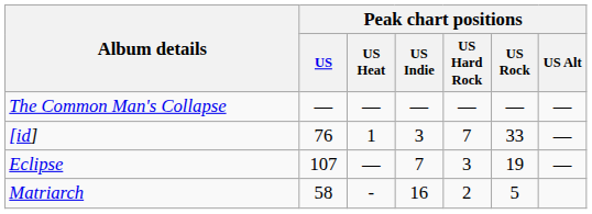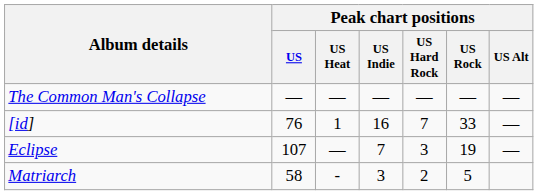 <table class="wikitable" style="text-align:center;">
 <tr>
 <th rowspan =  2 width = 250>Album details</th>
 <th colspan =  6>Peak chart positions</th>
 </tr>
 <tr>
 <th style = "width:3em;font-size:75%"><a href='#'>US</a></th>
 <th style = "width:3em;font-size:75%">US Heat</th>
 <th style = "width:3em;font-size:75%">US Indie</th>
 <th style = "width:3em;font-size:75%">US Hard Rock</th>
 <th style = "width:3em;font-size:75%">US Rock</th>
 <th style = "width:3em;font-size:75%">US Alt</th>
 </tr>
 <tr>
 <td align=left><em><a href='#'>The Common Man's Collapse</a></em><br></td>
 <td>—</td>
 <td>—</td>
 <td>—</td>
 <td>—</td>
 <td>—</td>
 <td>—</td>
 </tr>
 <tr>
 <td align=left><em><a href='#'>[id</a>]</em><br></td>
 <td>76</td>
 <td>1</td>
-<td>3</td>
+<td>16</td>
 <td>7</td>
 <td>33</td>
 <td>—</td>
 </tr>
 <tr>
 <td align=left><em><a href='#'>Eclipse</a></em><br></td>
 <td>107</td>
 <td>—</td>
 <td>7</td>
 <td>3</td>
 <td>19</td>
 <td>—</td>
 </tr>
 <tr>
 <td align=left><em><a href='#'>Matriarch</a></em><br></td>
 <td>58</td>
 <td>-</td>
-<td>16</td>
+<td>3</td>
 <td>2</td>
 <td>5</td>
 </tr>
 </table>
